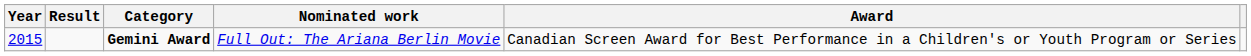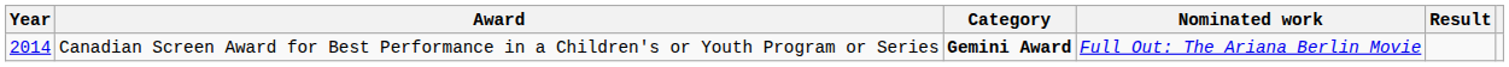 <table class="wikitable">
 <tr>
 <th>Year</th>
-<th>Result</th>
+<th>Award</th>
 <th>Category</th>
 <th>Nominated work</th>
-<th>Award</th>
+<th>Result</th>
 <th></th>
 </tr>
 <tr>
-<td><a href='#'>2015</a></td>
-<td></td>
+<td><a href='#'>2014</a></td>
+<td>Canadian Screen Award for Best Performance in a Children's or Youth Program or Series</td>
 <td><strong>Gemini Award</strong></td>
 <td style="white-space:nowrap;"><em><a href='#'>Full Out: The Ariana Berlin Movie</a></em></td>
-<td>Canadian Screen Award for Best Performance in a Children's or Youth Program or Series</td>
+<td></td>
 <td></td>
 </tr>
 </table>
